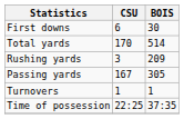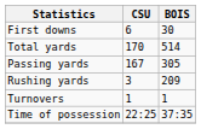 <table class="wikitable">
 <tr>
 <th>Statistics</th>
 <th>CSU</th>
 <th>BOIS</th>
 </tr>
 <tr>
 <td>First downs</td>
 <td>6</td>
 <td>30</td>
 </tr>
 <tr>
 <td>Total yards</td>
 <td>170</td>
 <td>514</td>
 </tr>
 <tr>
+<td>Passing yards</td>
+<td>167</td>
+<td>305</td>
+</tr>
+<tr>
 <td>Rushing yards</td>
 <td>3</td>
 <td>209</td>
-</tr>
-<tr>
-<td>Passing yards</td>
-<td>167</td>
-<td>305</td>
 </tr>
 <tr>
 <td>Turnovers</td>
 <td>1</td>
 <td>1</td>
 </tr>
 <tr>
 <td>Time of possession</td>
 <td>22:25</td>
 <td>37:35</td>
 </tr>
 <tr>
 </tr>
 </table>
